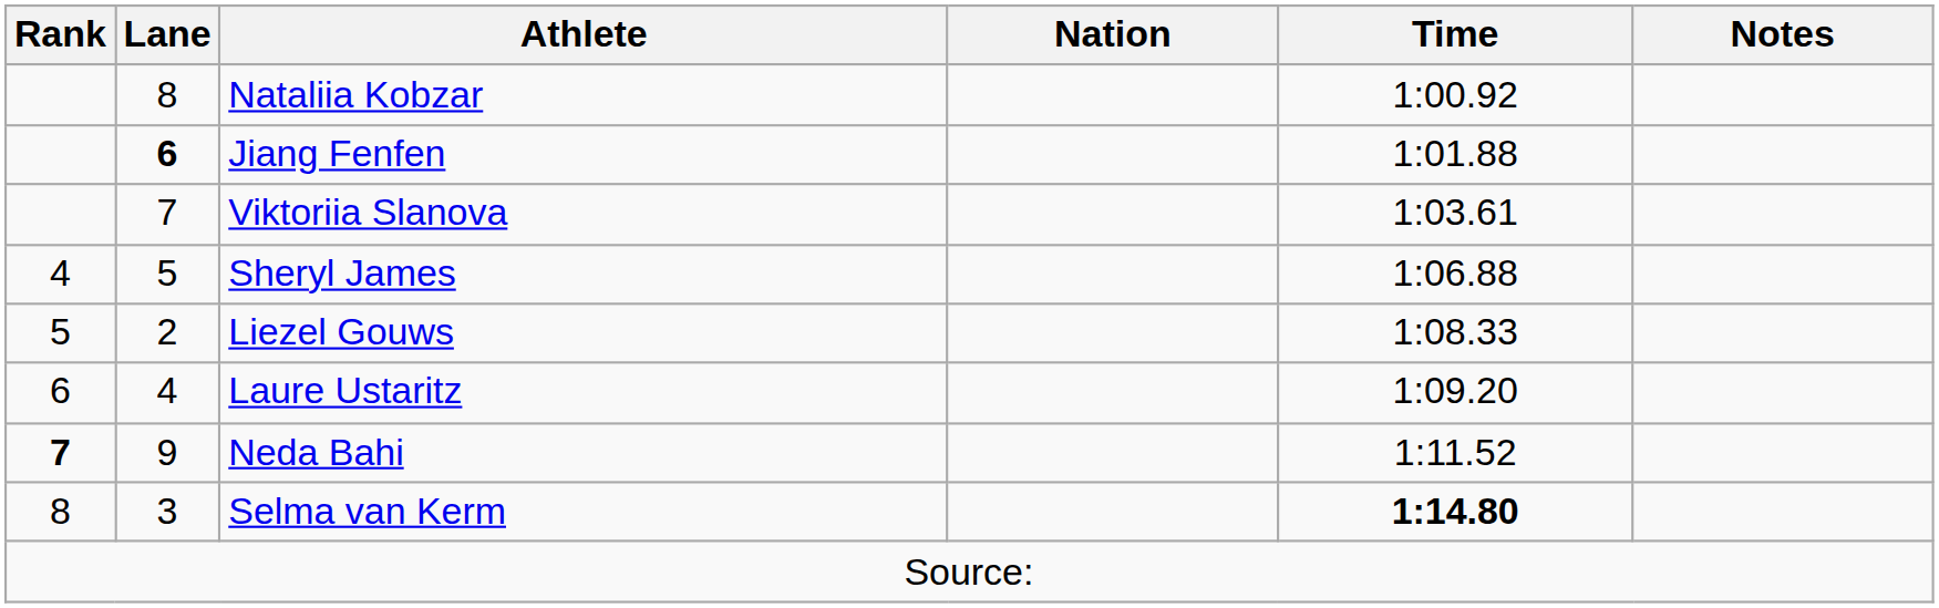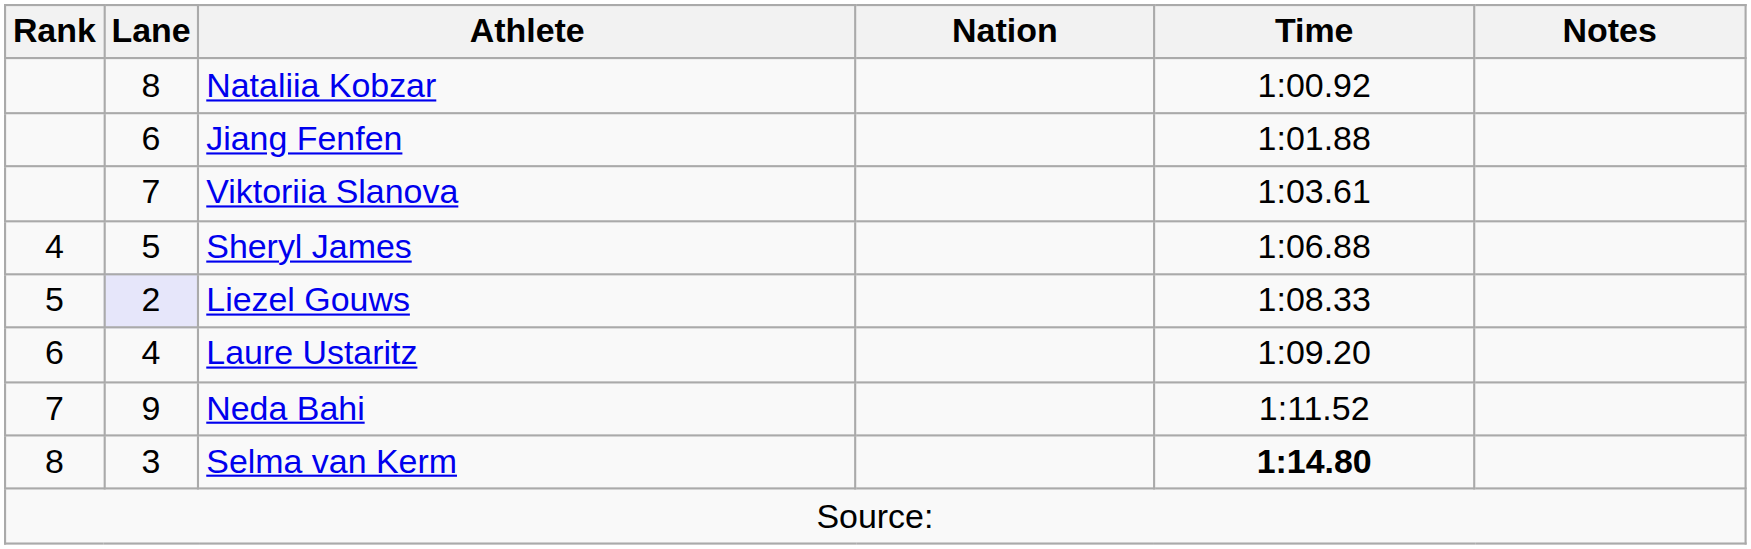 <table class="wikitable sortable" style="text-align:center;width: 65%;">
 <tr>
 <th scope="col" style="width: 10px;">Rank</th>
 <th scope="col" style="width: 10px;">Lane</th>
 <th scope="col">Athlete</th>
 <th scope="col">Nation</th>
 <th scope="col">Time</th>
 <th scope="col">Notes</th>
 </tr>
 <tr>
 <td></td>
 <td>8</td>
 <td align=left><a href='#'>Nataliia Kobzar</a></td>
 <td align=left></td>
 <td>1:00.92</td>
 <td></td>
 </tr>
 <tr>
 <td></td>
-<td><strong>6</strong></td>
+<td>6</td>
 <td align=left><a href='#'>Jiang Fenfen</a></td>
 <td align=left></td>
 <td>1:01.88</td>
 <td></td>
 </tr>
 <tr>
 <td></td>
 <td>7</td>
 <td align=left><a href='#'>Viktoriia Slanova</a></td>
 <td align=left></td>
 <td>1:03.61</td>
 <td></td>
 </tr>
 <tr>
 <td>4</td>
 <td>5</td>
 <td align=left><a href='#'>Sheryl James</a></td>
 <td align=left></td>
 <td>1:06.88</td>
 <td></td>
 </tr>
 <tr>
 <td>5</td>
-<td>2</td>
+<td style="background: lavender;">2</td>
 <td align=left><a href='#'>Liezel Gouws</a></td>
 <td align=left></td>
 <td>1:08.33</td>
 <td></td>
 </tr>
 <tr>
 <td>6</td>
 <td>4</td>
 <td align=left><a href='#'>Laure Ustaritz</a></td>
 <td align=left></td>
 <td>1:09.20</td>
 <td></td>
 </tr>
 <tr>
-<td><strong>7</strong></td>
+<td>7</td>
 <td>9</td>
 <td align=left><a href='#'>Neda Bahi</a></td>
 <td align=left></td>
 <td>1:11.52</td>
 <td></td>
 </tr>
 <tr>
 <td>8</td>
 <td>3</td>
 <td align=left><a href='#'>Selma van Kerm</a></td>
 <td align=left></td>
 <td><strong>1:14.80</strong></td>
 <td></td>
 </tr>
 <tr class="sortbottom">
 <td colspan="6">Source:</td>
 </tr>
 </table>
